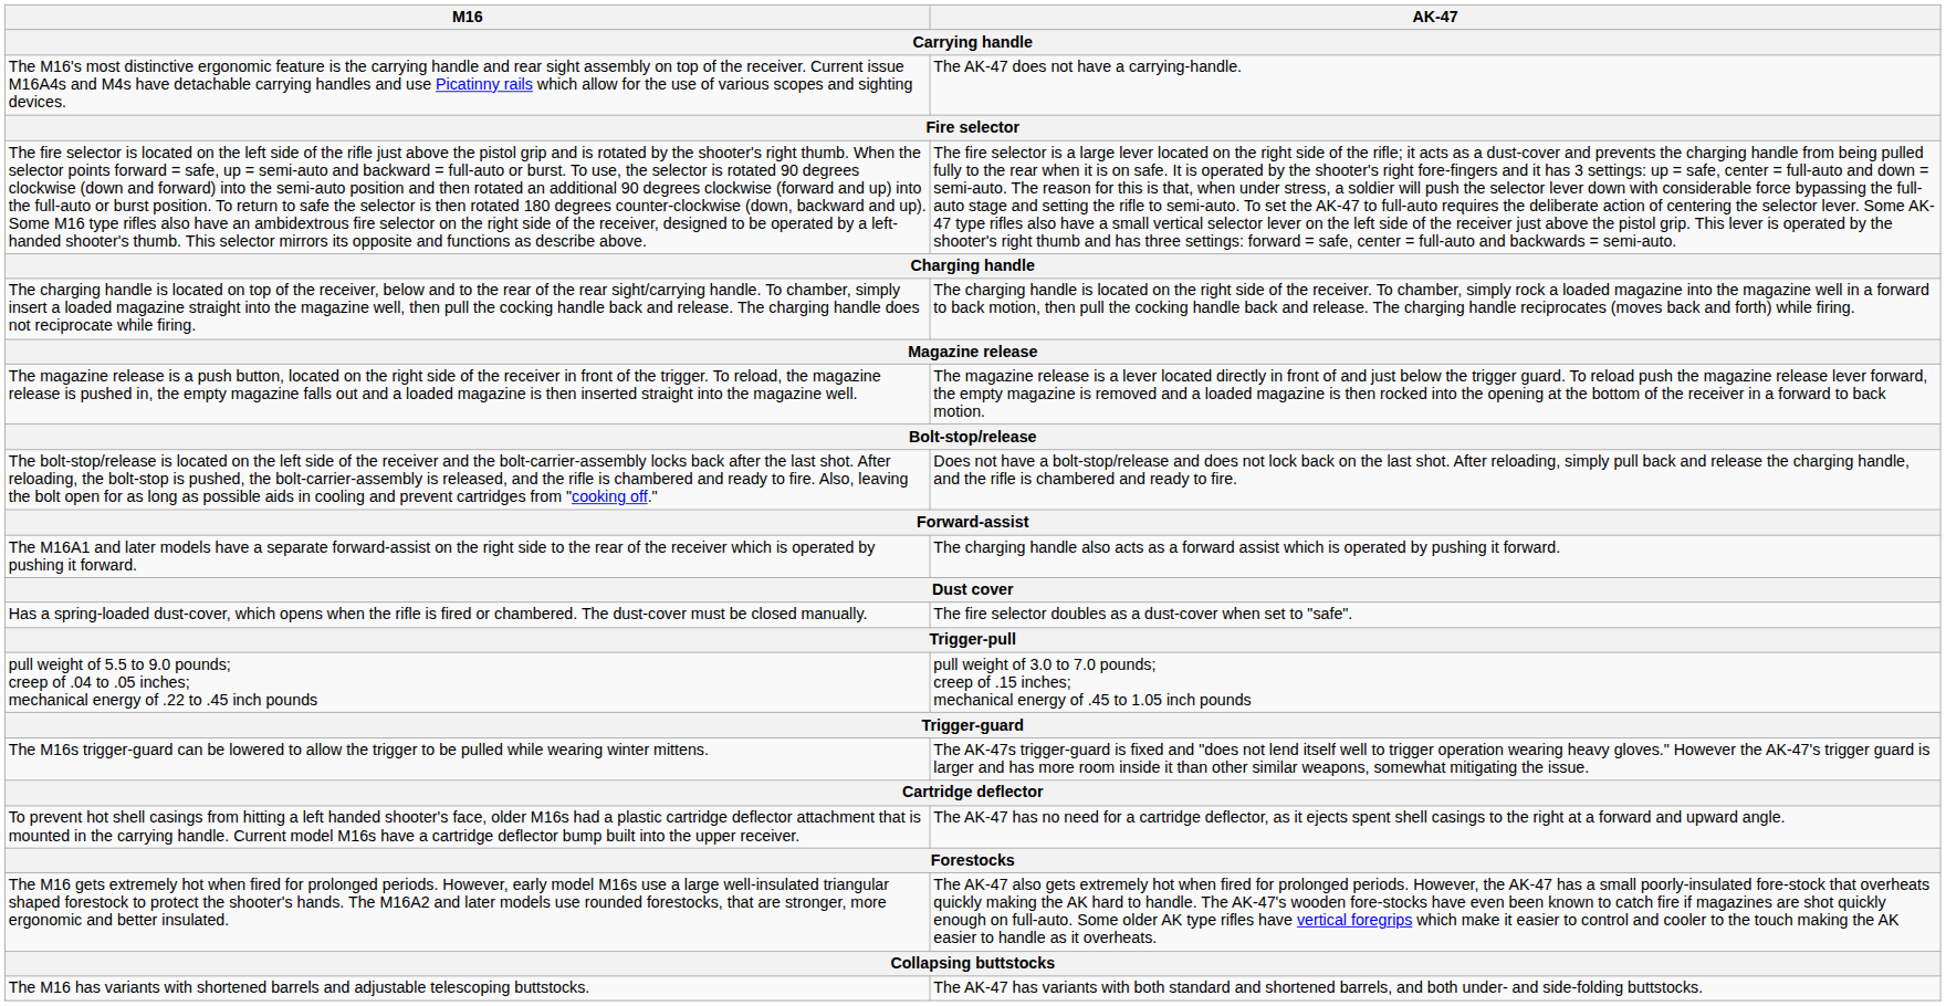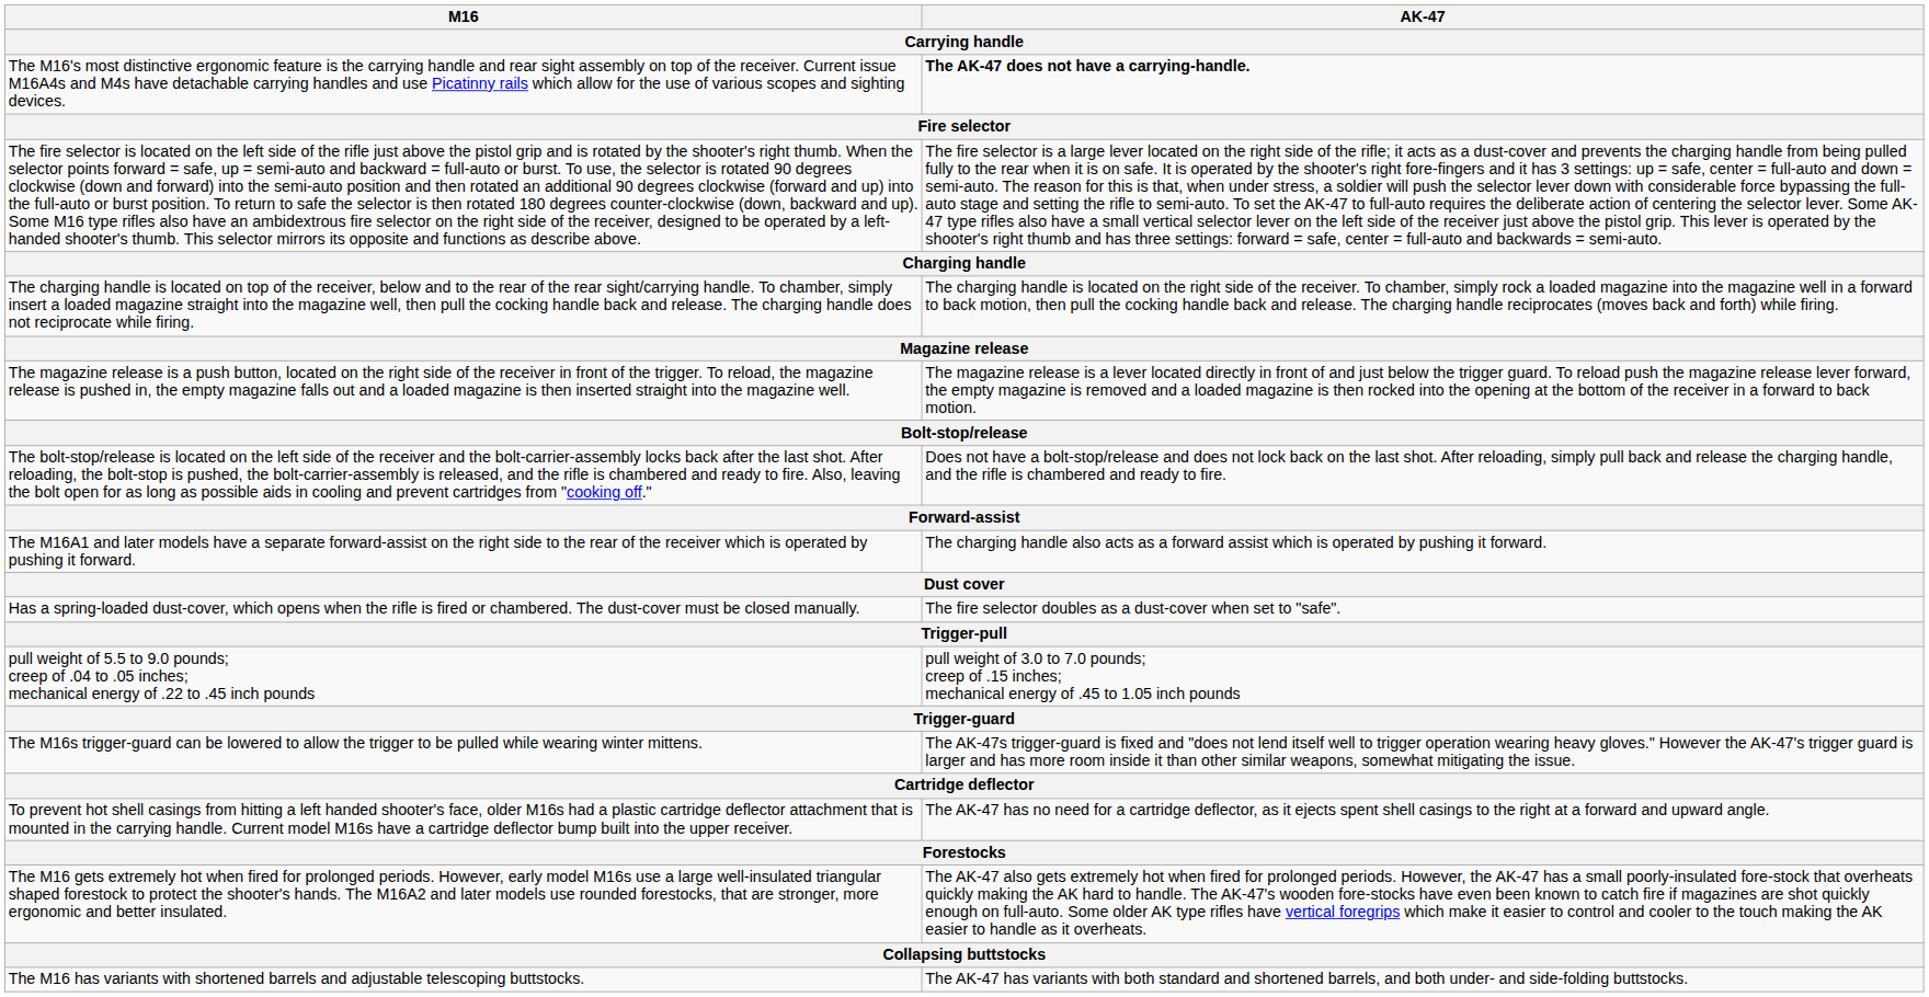 <table class=wikitable>
 <tr>
 <th>M16</th>
 <th>AK-47</th>
 </tr>
 <tr>
 <th colspan=2>Carrying handle</th>
 </tr>
 <tr valign=top>
 <td>The M16's most distinctive ergonomic feature is the carrying handle and rear sight assembly on top of the receiver. Current issue M16A4s and M4s have detachable carrying handles and use <a href='#'>Picatinny rails</a> which allow for the use of various scopes and sighting devices.</td>
-<td>The AK-47 does not have a carrying-handle.</td>
+<td><strong>The AK-47 does not have a carrying-handle.</strong></td>
 </tr>
 <tr>
 <th colspan=2>Fire selector</th>
 </tr>
 <tr valign=top>
 <td>The fire selector is located on the left side of the rifle just above the pistol grip and is rotated by the shooter's right thumb. When the selector points forward = safe, up = semi-auto and backward = full-auto or burst. To use, the selector is rotated 90 degrees clockwise (down and forward) into the semi-auto position and then rotated an additional 90 degrees clockwise (forward and up) into the full-auto or burst position. To return to safe the selector is then rotated 180 degrees counter-clockwise (down, backward and up). Some M16 type rifles also have an ambidextrous fire selector on the right side of the receiver, designed to be operated by a left-handed shooter's thumb. This selector mirrors its opposite and functions as describe above.</td>
 <td>The fire selector is a large lever located on the right side of the rifle; it acts as a dust-cover and prevents the charging handle from being pulled fully to the rear when it is on safe. It is operated by the shooter's right fore-fingers and it has 3 settings: up = safe, center = full-auto and down = semi-auto. The reason for this is that, when under stress, a soldier will push the selector lever down with considerable force bypassing the full-auto stage and setting the rifle to semi-auto. To set the AK-47 to full-auto requires the deliberate action of centering the selector lever. Some AK-47 type rifles also have a small vertical selector lever on the left side of the receiver just above the pistol grip. This lever is operated by the shooter's right thumb and has three settings: forward = safe, center = full-auto and backwards = semi-auto.</td>
 </tr>
 <tr>
 <th colspan=2>Charging handle</th>
 </tr>
 <tr valign=top>
 <td>The charging handle is located on top of the receiver, below and to the rear of the rear sight/carrying handle. To chamber, simply insert a loaded magazine straight into the magazine well, then pull the cocking handle back and release. The charging handle does not reciprocate while firing.</td>
 <td>The charging handle is located on the right side of the receiver. To chamber, simply rock a loaded magazine into the magazine well in a forward to back motion, then pull the cocking handle back and release. The charging handle reciprocates (moves back and forth) while firing.</td>
 </tr>
 <tr>
 <th colspan=2>Magazine release</th>
 </tr>
 <tr valign=top>
 <td>The magazine release is a push button, located on the right side of the receiver in front of the trigger. To reload, the magazine release is pushed in, the empty magazine falls out and a loaded magazine is then inserted straight into the magazine well.</td>
 <td>The magazine release is a lever located directly in front of and just below the trigger guard. To reload push the magazine release lever forward, the empty magazine is removed and a loaded magazine is then rocked into the opening at the bottom of the receiver in a forward to back motion.</td>
 </tr>
 <tr>
 <th colspan=2>Bolt-stop/release</th>
 </tr>
 <tr valign=top>
 <td>The bolt-stop/release is located on the left side of the receiver and the bolt-carrier-assembly locks back after the last shot. After reloading, the bolt-stop is pushed, the bolt-carrier-assembly is released, and the rifle is chambered and ready to fire. Also, leaving the bolt open for as long as possible aids in cooling and prevent cartridges from "<a href='#'>cooking off</a>."</td>
 <td>Does not have a bolt-stop/release and does not lock back on the last shot. After reloading, simply pull back and release the charging handle, and the rifle is chambered and ready to fire.</td>
 </tr>
 <tr>
 <th colspan=2>Forward-assist</th>
 </tr>
 <tr valign=top>
 <td>The M16A1 and later models have a separate forward-assist on the right side to the rear of the receiver which is operated by pushing it forward.</td>
 <td>The charging handle also acts as a forward assist which is operated by pushing it forward.</td>
 </tr>
 <tr>
 <th colspan=2>Dust cover</th>
 </tr>
 <tr valign=top>
 <td>Has a spring-loaded dust-cover, which opens when the rifle is fired or chambered. The dust-cover must be closed manually.</td>
 <td>The fire selector doubles as a dust-cover when set to "safe".</td>
 </tr>
 <tr>
 <th colspan=2>Trigger-pull</th>
 </tr>
 <tr valign=top>
 <td>pull weight of 5.5 to 9.0 pounds;<br> creep of .04 to .05 inches;<br> mechanical energy of .22 to .45 inch pounds</td>
 <td>pull weight of 3.0 to 7.0 pounds;<br> creep of .15 inches;<br> mechanical energy of .45 to 1.05 inch pounds</td>
 </tr>
 <tr>
 <th colspan=2>Trigger-guard</th>
 </tr>
 <tr valign=top>
 <td>The M16s trigger-guard can be lowered to allow the trigger to be pulled while wearing winter mittens.</td>
 <td>The AK-47s trigger-guard is fixed and "does not lend itself well to trigger operation wearing heavy gloves." However the AK-47's trigger guard is larger and has more room inside it than other similar weapons, somewhat mitigating the issue.</td>
 </tr>
 <tr>
 <th colspan=2>Cartridge deflector</th>
 </tr>
 <tr valign=top>
 <td>To prevent hot shell casings from hitting a left handed shooter's face, older M16s had a plastic cartridge deflector attachment that is mounted in the carrying handle. Current model M16s have a cartridge deflector bump built into the upper receiver.</td>
 <td>The AK-47 has no need for a cartridge deflector, as it ejects spent shell casings to the right at a forward and upward angle.</td>
 </tr>
 <tr>
 <th colspan=2>Forestocks</th>
 </tr>
 <tr valign=top>
 <td>The M16 gets extremely hot when fired for prolonged periods. However, early model M16s use a large well-insulated triangular shaped forestock to protect the shooter's hands. The M16A2 and later models use rounded forestocks, that are stronger, more ergonomic and better insulated.</td>
 <td>The AK-47 also gets extremely hot when fired for prolonged periods. However, the AK-47 has a small poorly-insulated fore-stock that overheats quickly making the AK hard to handle. The AK-47's wooden fore-stocks have even been known to catch fire if magazines are shot quickly enough on full-auto. Some older AK type rifles have <a href='#'>vertical foregrips</a> which make it easier to control and cooler to the touch making the AK easier to handle as it overheats.</td>
 </tr>
 <tr>
 <th colspan=2>Collapsing buttstocks</th>
 </tr>
 <tr valign=top>
 <td>The M16 has variants with shortened barrels and adjustable telescoping buttstocks.</td>
 <td>The AK-47 has variants with both standard and shortened barrels, and both under- and side-folding buttstocks.</td>
 </tr>
 </table>
